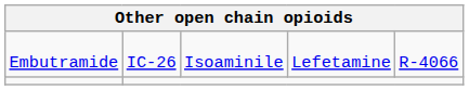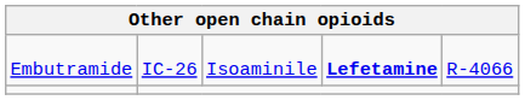 <table class="wikitable" style="font-size:smaller; text-align:center">
 <tr>
 <th colspan="5">Other open chain opioids</th>
 </tr>
 <tr>
 <td><br><a href='#'>Embutramide</a></td>
 <td><br><a href='#'>IC-26</a></td>
 <td><br><a href='#'>Isoaminile</a></td>
-<td><br><a href='#'>Lefetamine</a></td>
+<td><strong><br><a href='#'>Lefetamine</a></strong></td>
 <td><br><a href='#'>R-4066</a></td>
 </tr>
 <tr>
 <td></td>
 </tr>
 </table>
